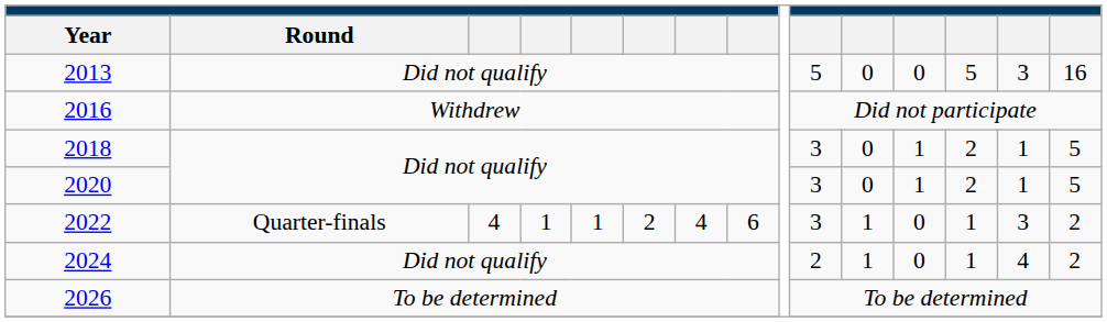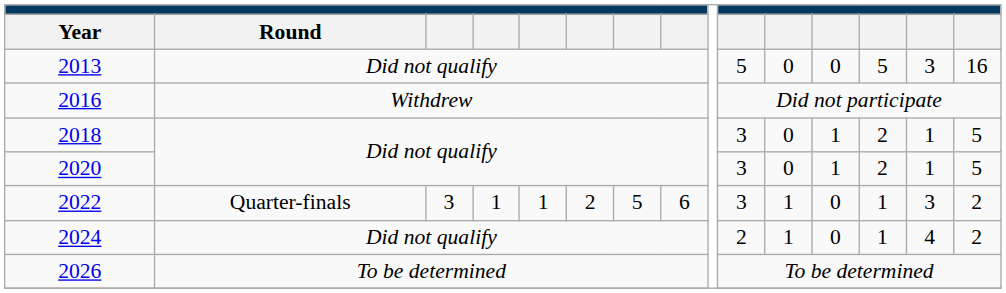 <table class="wikitable" style="text-align:center;">
 <tr>
 <th colspan=8 style="background: #013A5E; color: #FFFFFF;"><a href='#'></a></th>
 <th style="width:1%; background:#ffffff;" rowspan="25"></th>
 <th colspan=6 style="background: #013A5E; color: #FFFFFF;"><a href='#'></a></th>
 </tr>
 <tr>
 <th width=80>Year</th>
 <th width=150>Round</th>
 <th width=20></th>
 <th width="20"></th>
 <th width="20"></th>
 <th width="20"></th>
 <th width="20"></th>
 <th width="20"></th>
 <th width="20"></th>
 <th width="20"></th>
 <th width="20"></th>
 <th width="20"></th>
 <th width="20"></th>
 <th width="20"></th>
 </tr>
 <tr>
 <td> <a href='#'>2013</a></td>
 <td colspan="7"><em>Did not qualify</em></td>
 <td>5</td>
 <td>0</td>
 <td>0</td>
 <td>5</td>
 <td>3</td>
 <td>16</td>
 </tr>
 <tr>
 <td> <a href='#'>2016</a></td>
 <td colspan="7"><em>Withdrew</em></td>
 <td colspan="6"><em>Did not participate</em></td>
 </tr>
 <tr>
 <td> <a href='#'>2018</a></td>
 <td colspan="7" rowspan="2"><em>Did not qualify</em></td>
 <td>3</td>
 <td>0</td>
 <td>1</td>
 <td>2</td>
 <td>1</td>
 <td>5</td>
 </tr>
 <tr>
 <td> <a href='#'>2020</a></td>
 <td>3</td>
 <td>0</td>
 <td>1</td>
 <td>2</td>
 <td>1</td>
 <td>5</td>
 </tr>
 <tr>
 <td> <a href='#'>2022</a></td>
 <td>Quarter-finals</td>
-<td>4</td>
+<td>3</td>
 <td>1</td>
 <td>1</td>
 <td>2</td>
-<td>4</td>
+<td>5</td>
 <td>6</td>
 <td>3</td>
 <td>1</td>
 <td>0</td>
 <td>1</td>
 <td>3</td>
 <td>2</td>
 </tr>
 <tr>
 <td> <a href='#'>2024</a></td>
 <td colspan="7"><em>Did not qualify</em></td>
 <td>2</td>
 <td>1</td>
 <td>0</td>
 <td>1</td>
 <td>4</td>
 <td>2</td>
 </tr>
 <tr>
 <td> <a href='#'>2026</a></td>
 <td colspan="7" rowspan="1"><em>To be determined</em></td>
 <td rowspan="1" colspan="6"><em>To be determined</em></td>
 </tr>
 <tr>
 </tr>
 </table>
